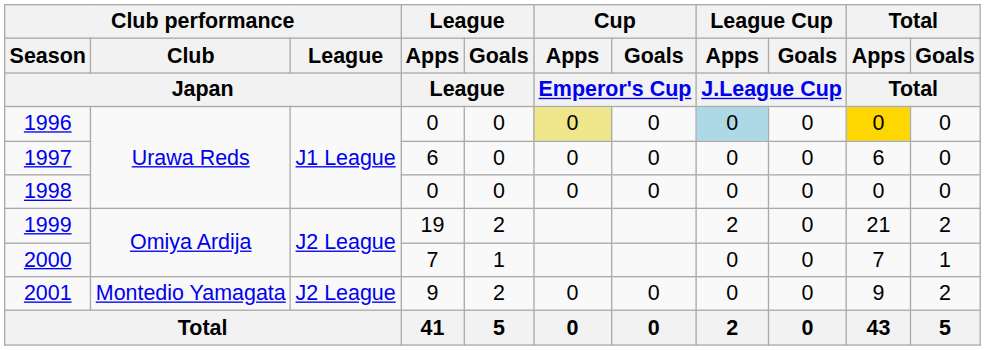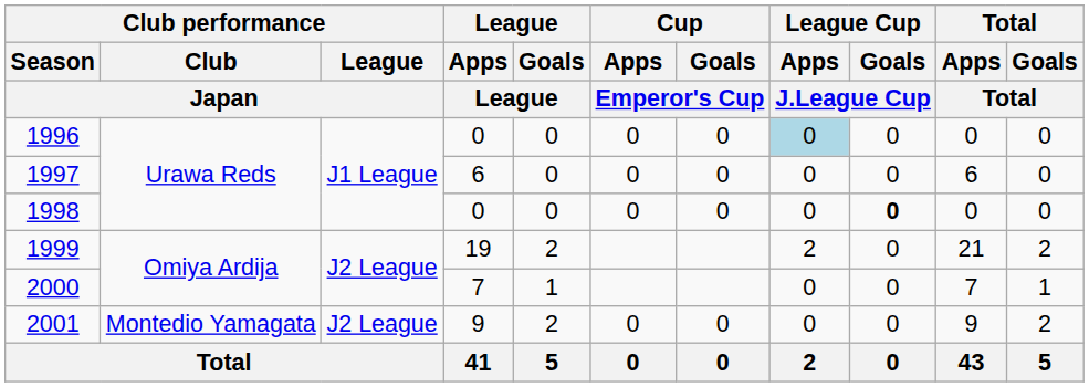 <table class="wikitable" style="text-align:center;">
 <tr>
 <th colspan=3>Club performance</th>
 <th colspan=2>League</th>
 <th colspan=2>Cup</th>
 <th colspan=2>League Cup</th>
 <th colspan=2>Total</th>
 </tr>
 <tr>
 <th>Season</th>
 <th>Club</th>
 <th>League</th>
 <th>Apps</th>
 <th>Goals</th>
 <th>Apps</th>
 <th>Goals</th>
 <th>Apps</th>
 <th>Goals</th>
 <th>Apps</th>
 <th>Goals</th>
 </tr>
 <tr>
 <th colspan=3>Japan</th>
 <th colspan=2>League</th>
 <th colspan=2><a href='#'>Emperor's Cup</a></th>
 <th colspan=2><a href='#'>J.League Cup</a></th>
 <th colspan=2>Total</th>
 </tr>
 <tr>
 <td><a href='#'>1996</a></td>
 <td rowspan="3"><a href='#'>Urawa Reds</a></td>
 <td rowspan="3"><a href='#'>J1 League</a></td>
 <td>0</td>
 <td>0</td>
-<td style="background: khaki;">0</td>
+<td>0</td>
 <td>0</td>
 <td style="background: lightblue;">0</td>
 <td>0</td>
-<td style="background: gold;">0</td>
+<td>0</td>
 <td>0</td>
 </tr>
 <tr>
 <td><a href='#'>1997</a></td>
 <td>6</td>
 <td>0</td>
 <td>0</td>
 <td>0</td>
 <td>0</td>
 <td>0</td>
 <td>6</td>
 <td>0</td>
 </tr>
 <tr>
 <td><a href='#'>1998</a></td>
 <td>0</td>
 <td>0</td>
 <td>0</td>
 <td>0</td>
 <td>0</td>
-<td>0</td>
+<td><strong>0</strong></td>
 <td>0</td>
 <td>0</td>
 </tr>
 <tr>
 <td><a href='#'>1999</a></td>
 <td rowspan="2"><a href='#'>Omiya Ardija</a></td>
 <td rowspan="2"><a href='#'>J2 League</a></td>
 <td>19</td>
 <td>2</td>
 <td></td>
 <td></td>
 <td>2</td>
 <td>0</td>
 <td>21</td>
 <td>2</td>
 </tr>
 <tr>
 <td><a href='#'>2000</a></td>
 <td>7</td>
 <td>1</td>
 <td></td>
 <td></td>
 <td>0</td>
 <td>0</td>
 <td>7</td>
 <td>1</td>
 </tr>
 <tr>
 <td><a href='#'>2001</a></td>
 <td><a href='#'>Montedio Yamagata</a></td>
 <td><a href='#'>J2 League</a></td>
 <td>9</td>
 <td>2</td>
 <td>0</td>
 <td>0</td>
 <td>0</td>
 <td>0</td>
 <td>9</td>
 <td>2</td>
 </tr>
 <tr>
 <th colspan=3>Total</th>
 <th>41</th>
 <th>5</th>
 <th>0</th>
 <th>0</th>
 <th>2</th>
 <th>0</th>
 <th>43</th>
 <th>5</th>
 </tr>
 </table>
